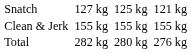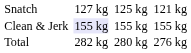 <table>
 <tr>
 <td>Snatch</td>
 <td></td>
 <td>127 kg</td>
 <td></td>
 <td>125 kg</td>
 <td></td>
 <td>121 kg</td>
 </tr>
 <tr>
 <td>Clean & Jerk</td>
 <td></td>
-<td>155 kg</td>
+<td style="background: lavender;">155 kg</td>
 <td></td>
 <td>155 kg</td>
 <td></td>
 <td>155 kg</td>
 </tr>
 <tr>
 <td>Total</td>
 <td></td>
 <td>282 kg</td>
 <td></td>
 <td>280 kg</td>
 <td></td>
 <td>276 kg</td>
 </tr>
 </table>
